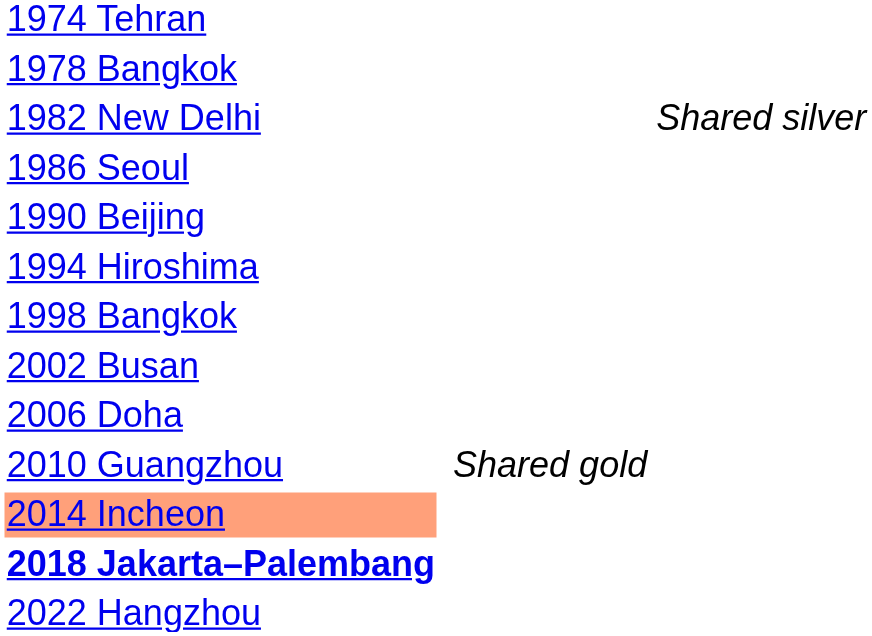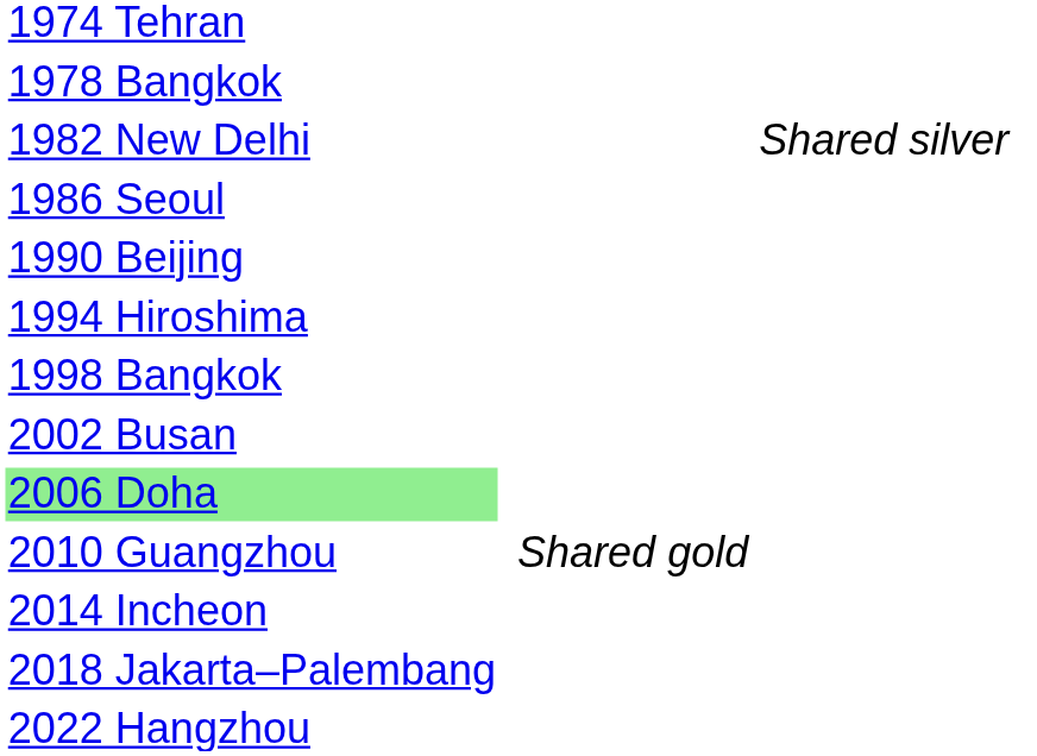 <table>
 <tr>
 <td><a href='#'>1974 Tehran</a></td>
 <td></td>
 <td></td>
 <td></td>
 </tr>
 <tr>
 <td><a href='#'>1978 Bangkok</a></td>
 <td></td>
 <td></td>
 <td></td>
 </tr>
 <tr>
 <td rowspan=2><a href='#'>1982 New Delhi</a></td>
 <td rowspan=2></td>
 <td></td>
 <td rowspan=2><em>Shared silver</em></td>
 </tr>
 <tr>
 <td></td>
 </tr>
 <tr>
 <td><a href='#'>1986 Seoul</a></td>
 <td></td>
 <td></td>
 <td></td>
 </tr>
 <tr>
 <td><a href='#'>1990 Beijing</a></td>
 <td></td>
 <td></td>
 <td></td>
 </tr>
 <tr>
 <td><a href='#'>1994 Hiroshima</a></td>
 <td></td>
 <td></td>
 <td></td>
 </tr>
 <tr>
 <td><a href='#'>1998 Bangkok</a></td>
 <td></td>
 <td></td>
 <td></td>
 </tr>
 <tr>
 <td><a href='#'>2002 Busan</a></td>
 <td></td>
 <td></td>
 <td></td>
 </tr>
 <tr>
-<td><a href='#'>2006 Doha</a></td>
+<td style="background: lightgreen;"><a href='#'>2006 Doha</a></td>
 <td></td>
 <td></td>
 <td></td>
 </tr>
 <tr>
 <td rowspan=2><a href='#'>2010 Guangzhou</a></td>
 <td></td>
 <td rowspan=2><em>Shared gold</em></td>
 <td rowspan=2></td>
 </tr>
 <tr>
 <td></td>
 </tr>
 <tr>
-<td style="background: lightsalmon;"><a href='#'>2014 Incheon</a></td>
+<td><a href='#'>2014 Incheon</a></td>
 <td></td>
 <td></td>
 <td></td>
 </tr>
 <tr>
-<td><strong><a href='#'>2018 Jakarta–Palembang</a></strong></td>
+<td><a href='#'>2018 Jakarta–Palembang</a></td>
 <td></td>
 <td></td>
 <td></td>
 </tr>
 <tr>
 <td><a href='#'>2022 Hangzhou</a></td>
 <td></td>
 <td></td>
 <td></td>
 </tr>
 </table>
